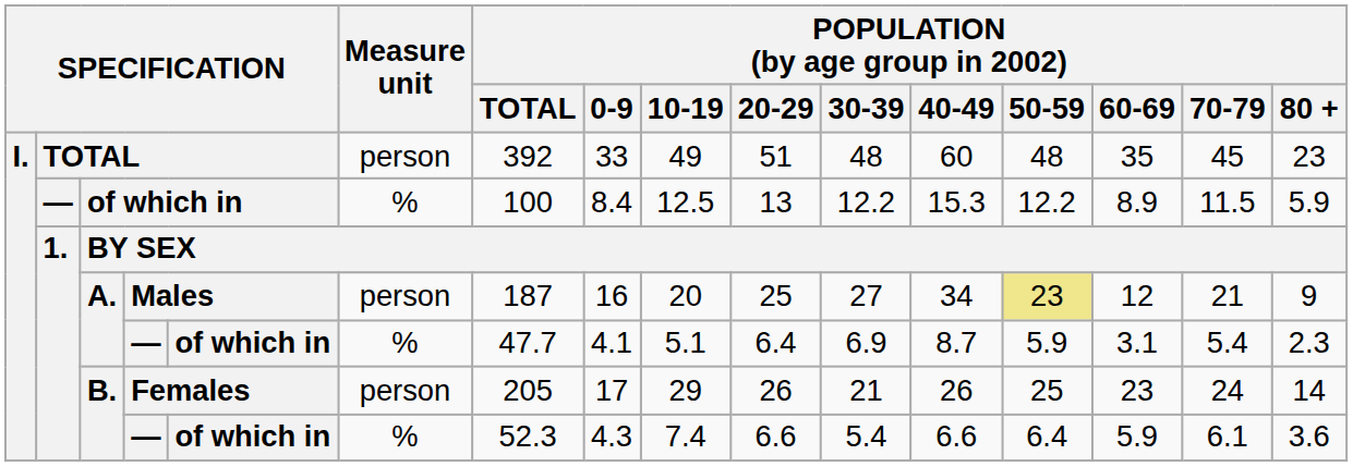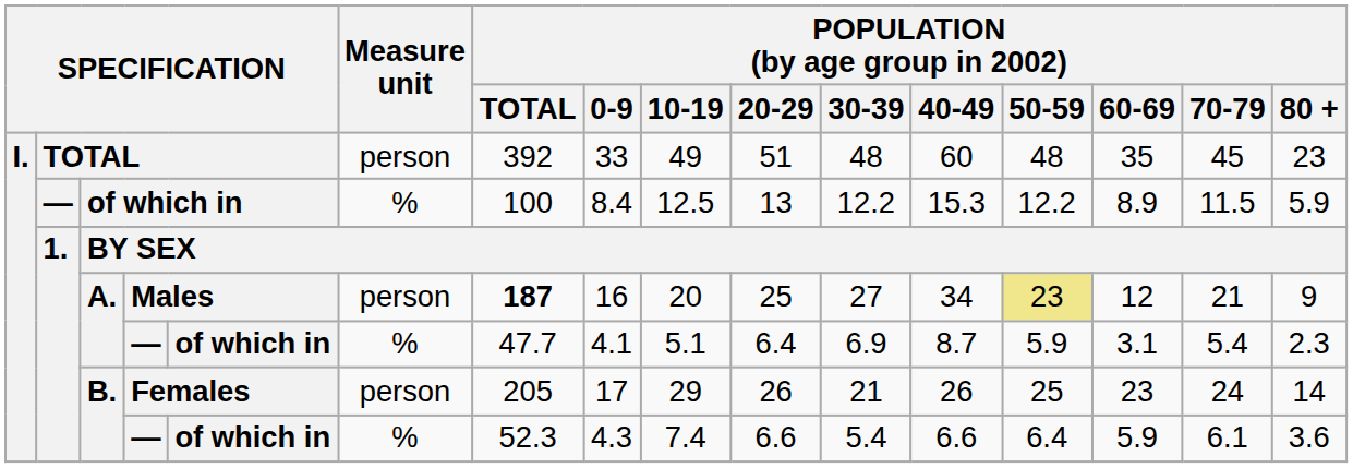 <table class="wikitable" style="font-size:85%; text-align:center">
 <tr>
 <th rowspan="2" colspan="5">SPECIFICATION</th>
 <th rowspan="2">Measure<br> unit</th>
 <th colspan="10" rowspan="1">POPULATION<br> (by age group in 2002)</th>
 </tr>
 <tr>
 <th>TOTAL</th>
 <th>0-9</th>
 <th>10-19</th>
 <th>20-29</th>
 <th>30-39</th>
 <th>40-49</th>
 <th>50-59</th>
 <th>60-69</th>
 <th>70-79</th>
 <th>80 +</th>
 </tr>
 <tr>
 <th style="text-align:left" valign="top" rowspan="7">I.</th>
 <th style="text-align:left" colspan="4">TOTAL</th>
 <td>person</td>
 <td>392</td>
 <td>33</td>
 <td>49</td>
 <td>51</td>
 <td>48</td>
 <td>60</td>
 <td>48</td>
 <td>35</td>
 <td>45</td>
 <td>23</td>
 </tr>
 <tr>
 <th style="text-align:left" valign="top">—</th>
 <th style="text-align:left" colspan="3">of which in</th>
 <td>%</td>
 <td>100</td>
 <td>8.4</td>
 <td>12.5</td>
 <td>13</td>
 <td>12.2</td>
 <td>15.3</td>
 <td>12.2</td>
 <td>8.9</td>
 <td>11.5</td>
 <td>5.9</td>
 </tr>
 <tr>
 <th style="text-align:left" valign="top" rowspan="5">1.</th>
 <th style="text-align:left" colspan="14">BY SEX</th>
 </tr>
 <tr>
 <th style="text-align:left" valign="top" rowspan="2">A.</th>
 <th style="text-align:left" colspan="2">Males</th>
 <td>person</td>
-<td>187</td>
+<td><strong>187</strong></td>
 <td>16</td>
 <td>20</td>
 <td>25</td>
 <td>27</td>
 <td>34</td>
 <td style="background: khaki;">23</td>
 <td>12</td>
 <td>21</td>
 <td>9</td>
 </tr>
 <tr>
 <th style="text-align:left" valign="top">—</th>
 <th style="text-align:left" colspan="1">of which in</th>
 <td>%</td>
 <td>47.7</td>
 <td>4.1</td>
 <td>5.1</td>
 <td>6.4</td>
 <td>6.9</td>
 <td>8.7</td>
 <td>5.9</td>
 <td>3.1</td>
 <td>5.4</td>
 <td>2.3</td>
 </tr>
 <tr>
 <th style="text-align:left" valign="top" rowspan="2">B.</th>
 <th style="text-align:left" colspan="2">Females</th>
 <td>person</td>
 <td>205</td>
 <td>17</td>
 <td>29</td>
 <td>26</td>
 <td>21</td>
 <td>26</td>
 <td>25</td>
 <td>23</td>
 <td>24</td>
 <td>14</td>
 </tr>
 <tr>
 <th style="text-align:left" valign="top">—</th>
 <th style="text-align:left" colspan="1">of which in</th>
 <td>%</td>
 <td>52.3</td>
 <td>4.3</td>
 <td>7.4</td>
 <td>6.6</td>
 <td>5.4</td>
 <td>6.6</td>
 <td>6.4</td>
 <td>5.9</td>
 <td>6.1</td>
 <td>3.6</td>
 </tr>
 </table>
